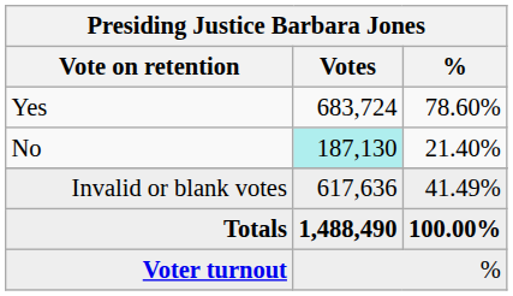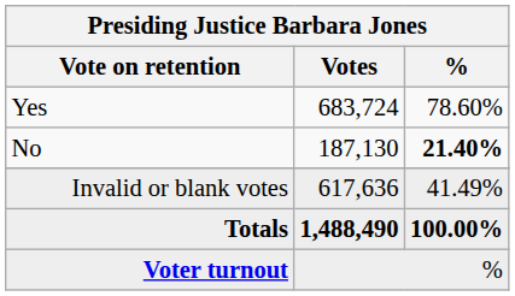 <table class="wikitable" style="font-size: 95%;">
 <tr style="background-color:#E9E9E9">
 <th colspan=7>Presiding Justice Barbara Jones</th>
 </tr>
 <tr style="background-color:#E9E9E9">
 <th style="width: 170px">Vote on retention</th>
 <th style="width: 50px">Votes</th>
 <th style="width: 40px">%</th>
 </tr>
 <tr>
 <td>Yes</td>
 <td align="right">683,724</td>
 <td align="right">78.60%</td>
 </tr>
 <tr>
 <td>No</td>
-<td align="right" style="background: paleturquoise;">187,130</td>
-<td align="right">21.40%</td>
+<td align="right">187,130</td>
+<td align="right"><strong>21.40%</strong></td>
 </tr>
 <tr style="background-color:#F6F6F6">
 </tr>
 <tr bgcolor="#EEEEEE">
 <td align="right">Invalid or blank votes</td>
 <td align="right">617,636</td>
 <td align="right">41.49%</td>
 </tr>
 <tr bgcolor="#EEEEEE">
 <td align="right"><strong>Totals</strong></td>
 <td align="right"><strong>1,488,490</strong></td>
 <td align="right"><strong>100.00%</strong></td>
 </tr>
 <tr bgcolor="#EEEEEE">
 <td align="right"><strong><a href='#'>Voter turnout</a></strong></td>
 <td colspan="2" align="right">%</td>
 </tr>
 </table>
